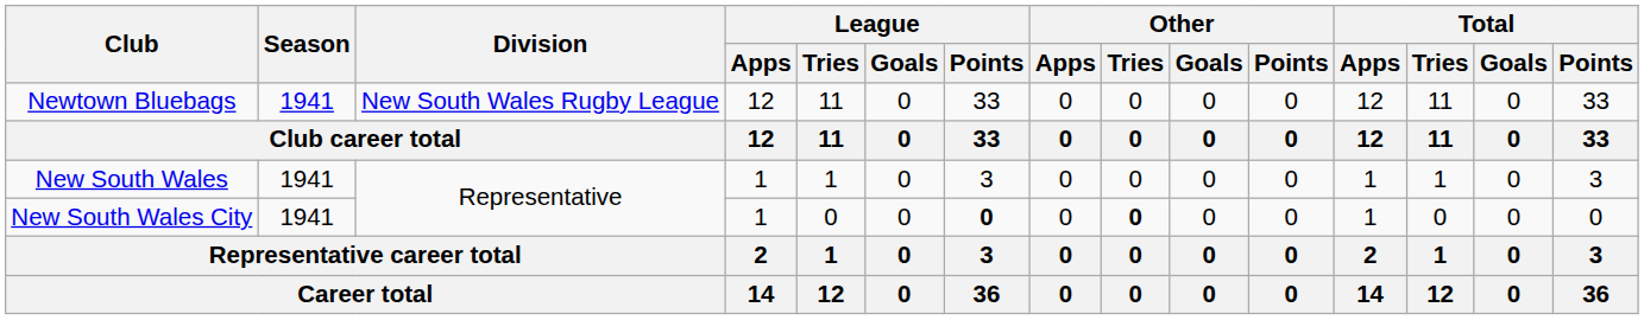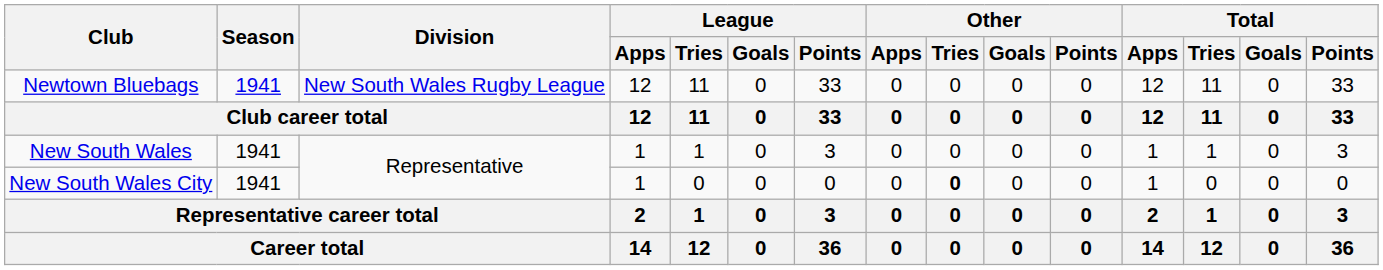 <table class="wikitable" style="text-align:center;">
 <tr>
 <th rowspan="2">Club</th>
 <th rowspan="2">Season</th>
 <th rowspan="2">Division</th>
 <th colspan="4">League</th>
 <th colspan="4">Other</th>
 <th colspan="4">Total</th>
 </tr>
 <tr>
 <th>Apps</th>
 <th>Tries</th>
 <th>Goals</th>
 <th>Points</th>
 <th>Apps</th>
 <th>Tries</th>
 <th>Goals</th>
 <th>Points</th>
 <th>Apps</th>
 <th>Tries</th>
 <th>Goals</th>
 <th>Points</th>
 </tr>
 <tr>
 <td><a href='#'>Newtown Bluebags</a></td>
 <td><a href='#'>1941</a></td>
 <td><a href='#'>New South Wales Rugby League</a></td>
 <td>12</td>
 <td>11</td>
 <td>0</td>
 <td>33</td>
 <td>0</td>
 <td>0</td>
 <td>0</td>
 <td>0</td>
 <td>12</td>
 <td>11</td>
 <td>0</td>
 <td>33</td>
 </tr>
 <tr>
 <th colspan="3">Club career total</th>
 <th>12</th>
 <th>11</th>
 <th>0</th>
 <th>33</th>
 <th>0</th>
 <th>0</th>
 <th>0</th>
 <th>0</th>
 <th>12</th>
 <th>11</th>
 <th>0</th>
 <th>33</th>
 </tr>
 <tr>
 <td rowspan="1"><a href='#'>New South Wales</a></td>
 <td>1941</td>
 <td rowspan="2">Representative</td>
 <td>1</td>
 <td>1</td>
 <td>0</td>
 <td>3</td>
 <td>0</td>
 <td>0</td>
 <td>0</td>
 <td>0</td>
 <td>1</td>
 <td>1</td>
 <td>0</td>
 <td>3</td>
 </tr>
 <tr>
 <td rowspan="1"><a href='#'>New South Wales City</a></td>
 <td>1941</td>
 <td>1</td>
 <td>0</td>
 <td>0</td>
-<td><strong>0</strong></td>
+<td>0</td>
 <td>0</td>
 <td><strong>0</strong></td>
 <td>0</td>
 <td>0</td>
 <td>1</td>
 <td>0</td>
 <td>0</td>
 <td>0</td>
 </tr>
 <tr>
 <th colspan="3">Representative career total</th>
 <th>2</th>
 <th>1</th>
 <th>0</th>
 <th>3</th>
 <th>0</th>
 <th>0</th>
 <th>0</th>
 <th>0</th>
 <th>2</th>
 <th>1</th>
 <th>0</th>
 <th>3</th>
 </tr>
 <tr>
 <th colspan="3">Career total</th>
 <th>14</th>
 <th>12</th>
 <th>0</th>
 <th>36</th>
 <th>0</th>
 <th>0</th>
 <th>0</th>
 <th>0</th>
 <th>14</th>
 <th>12</th>
 <th>0</th>
 <th>36</th>
 </tr>
 </table>
